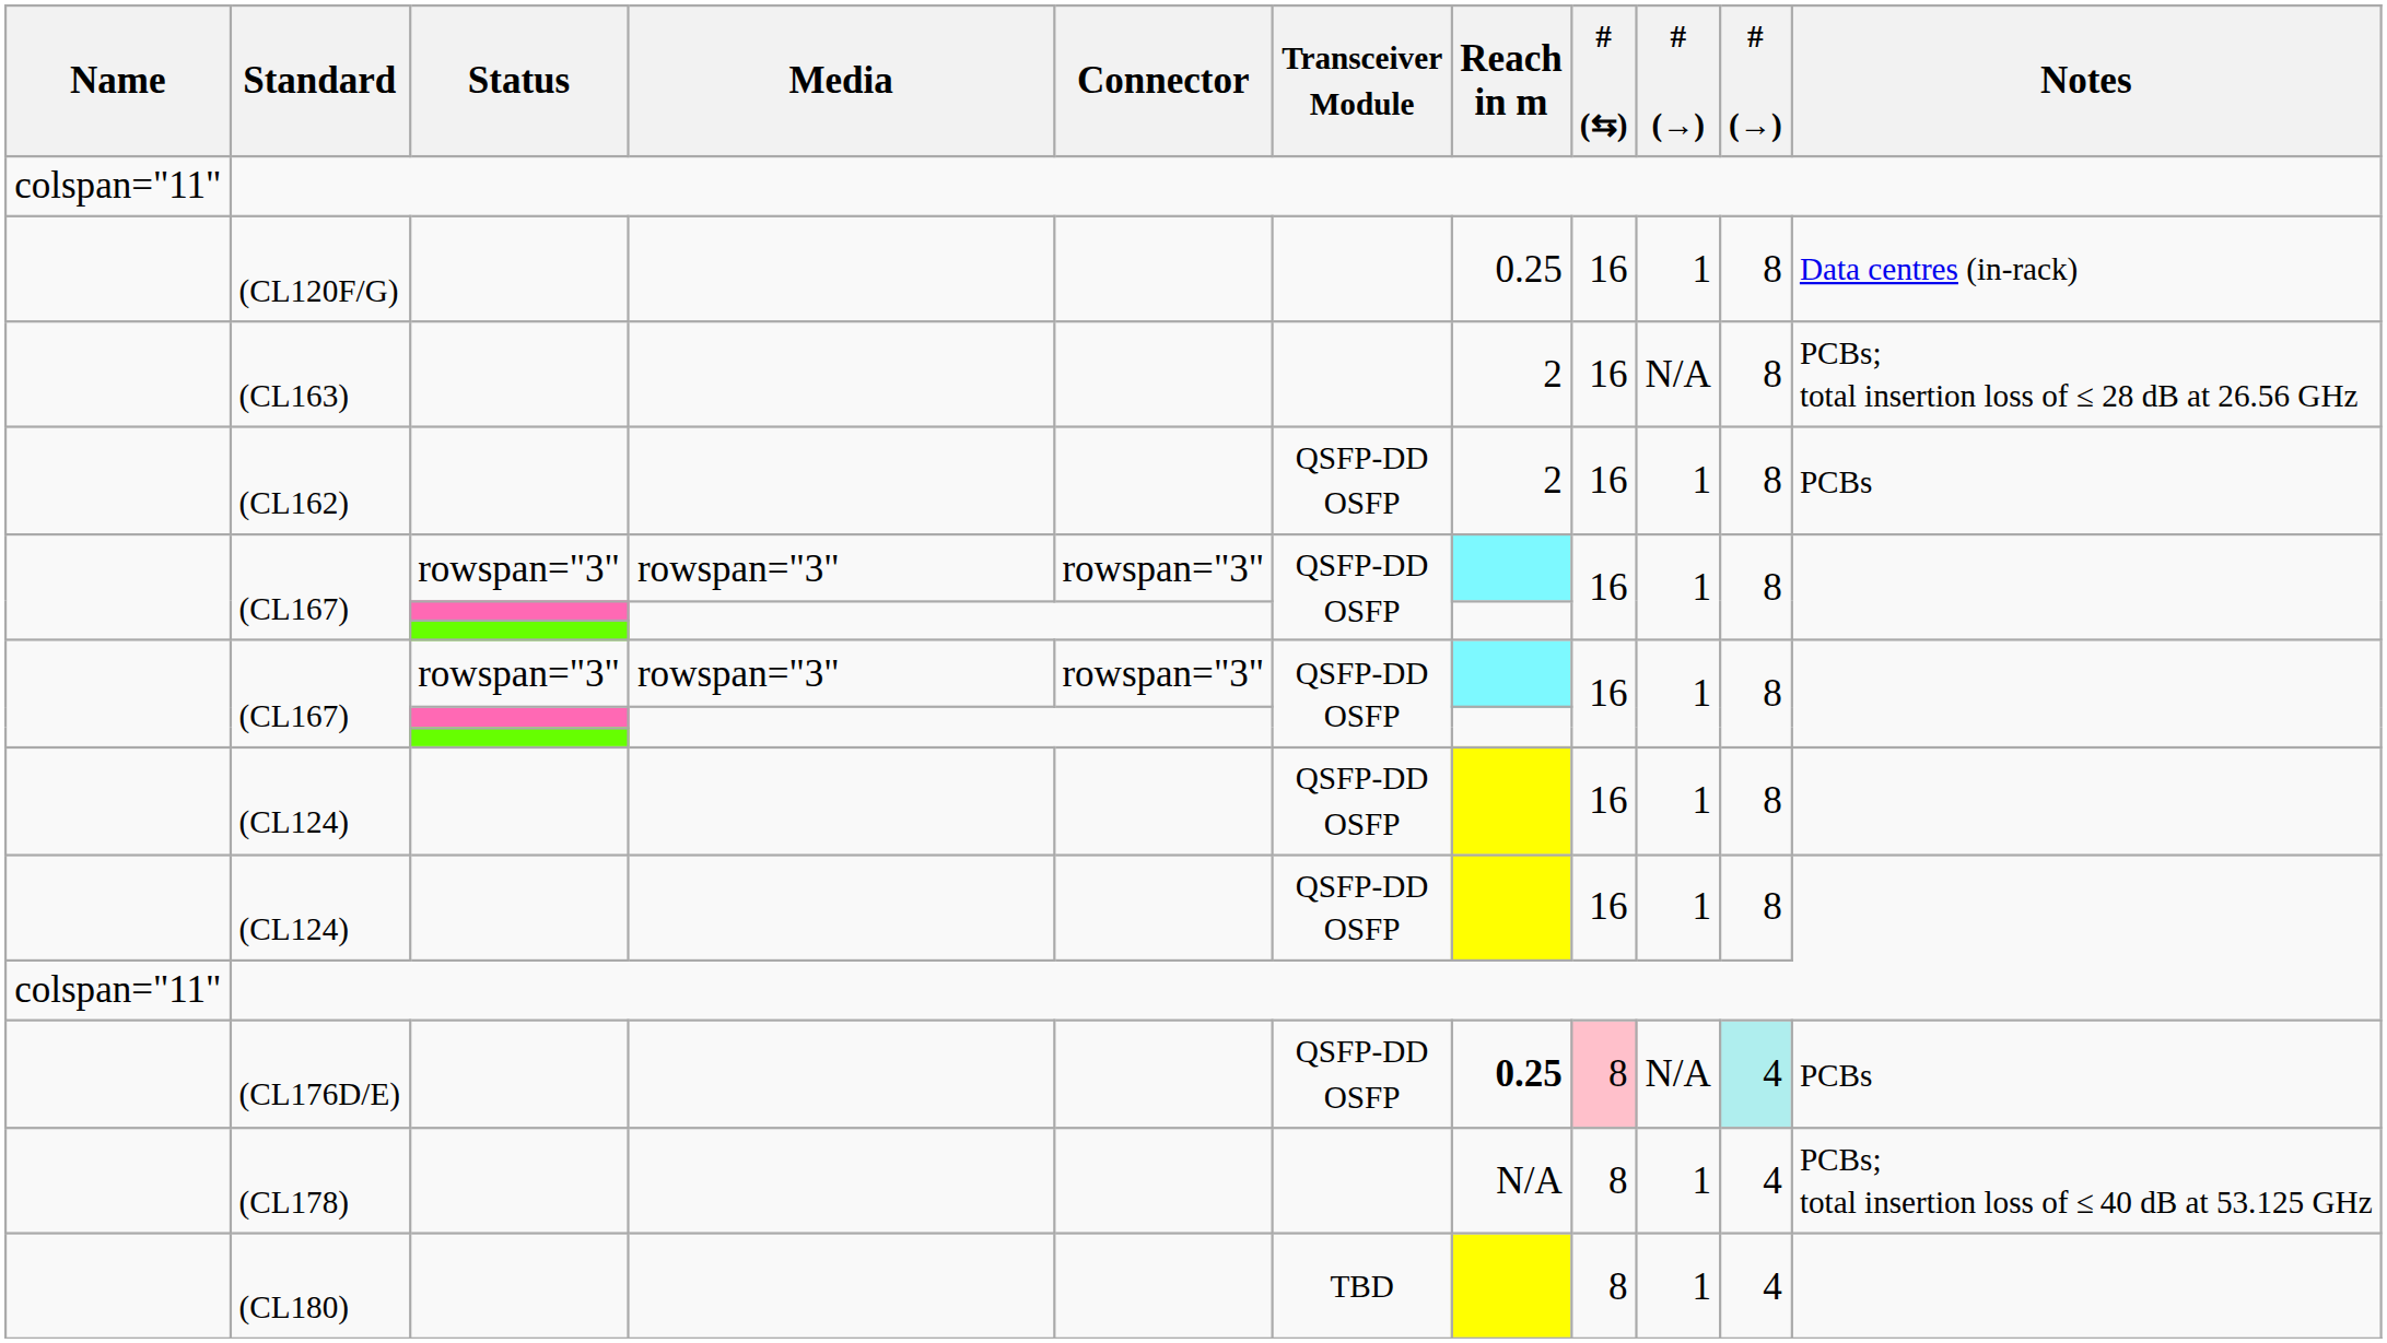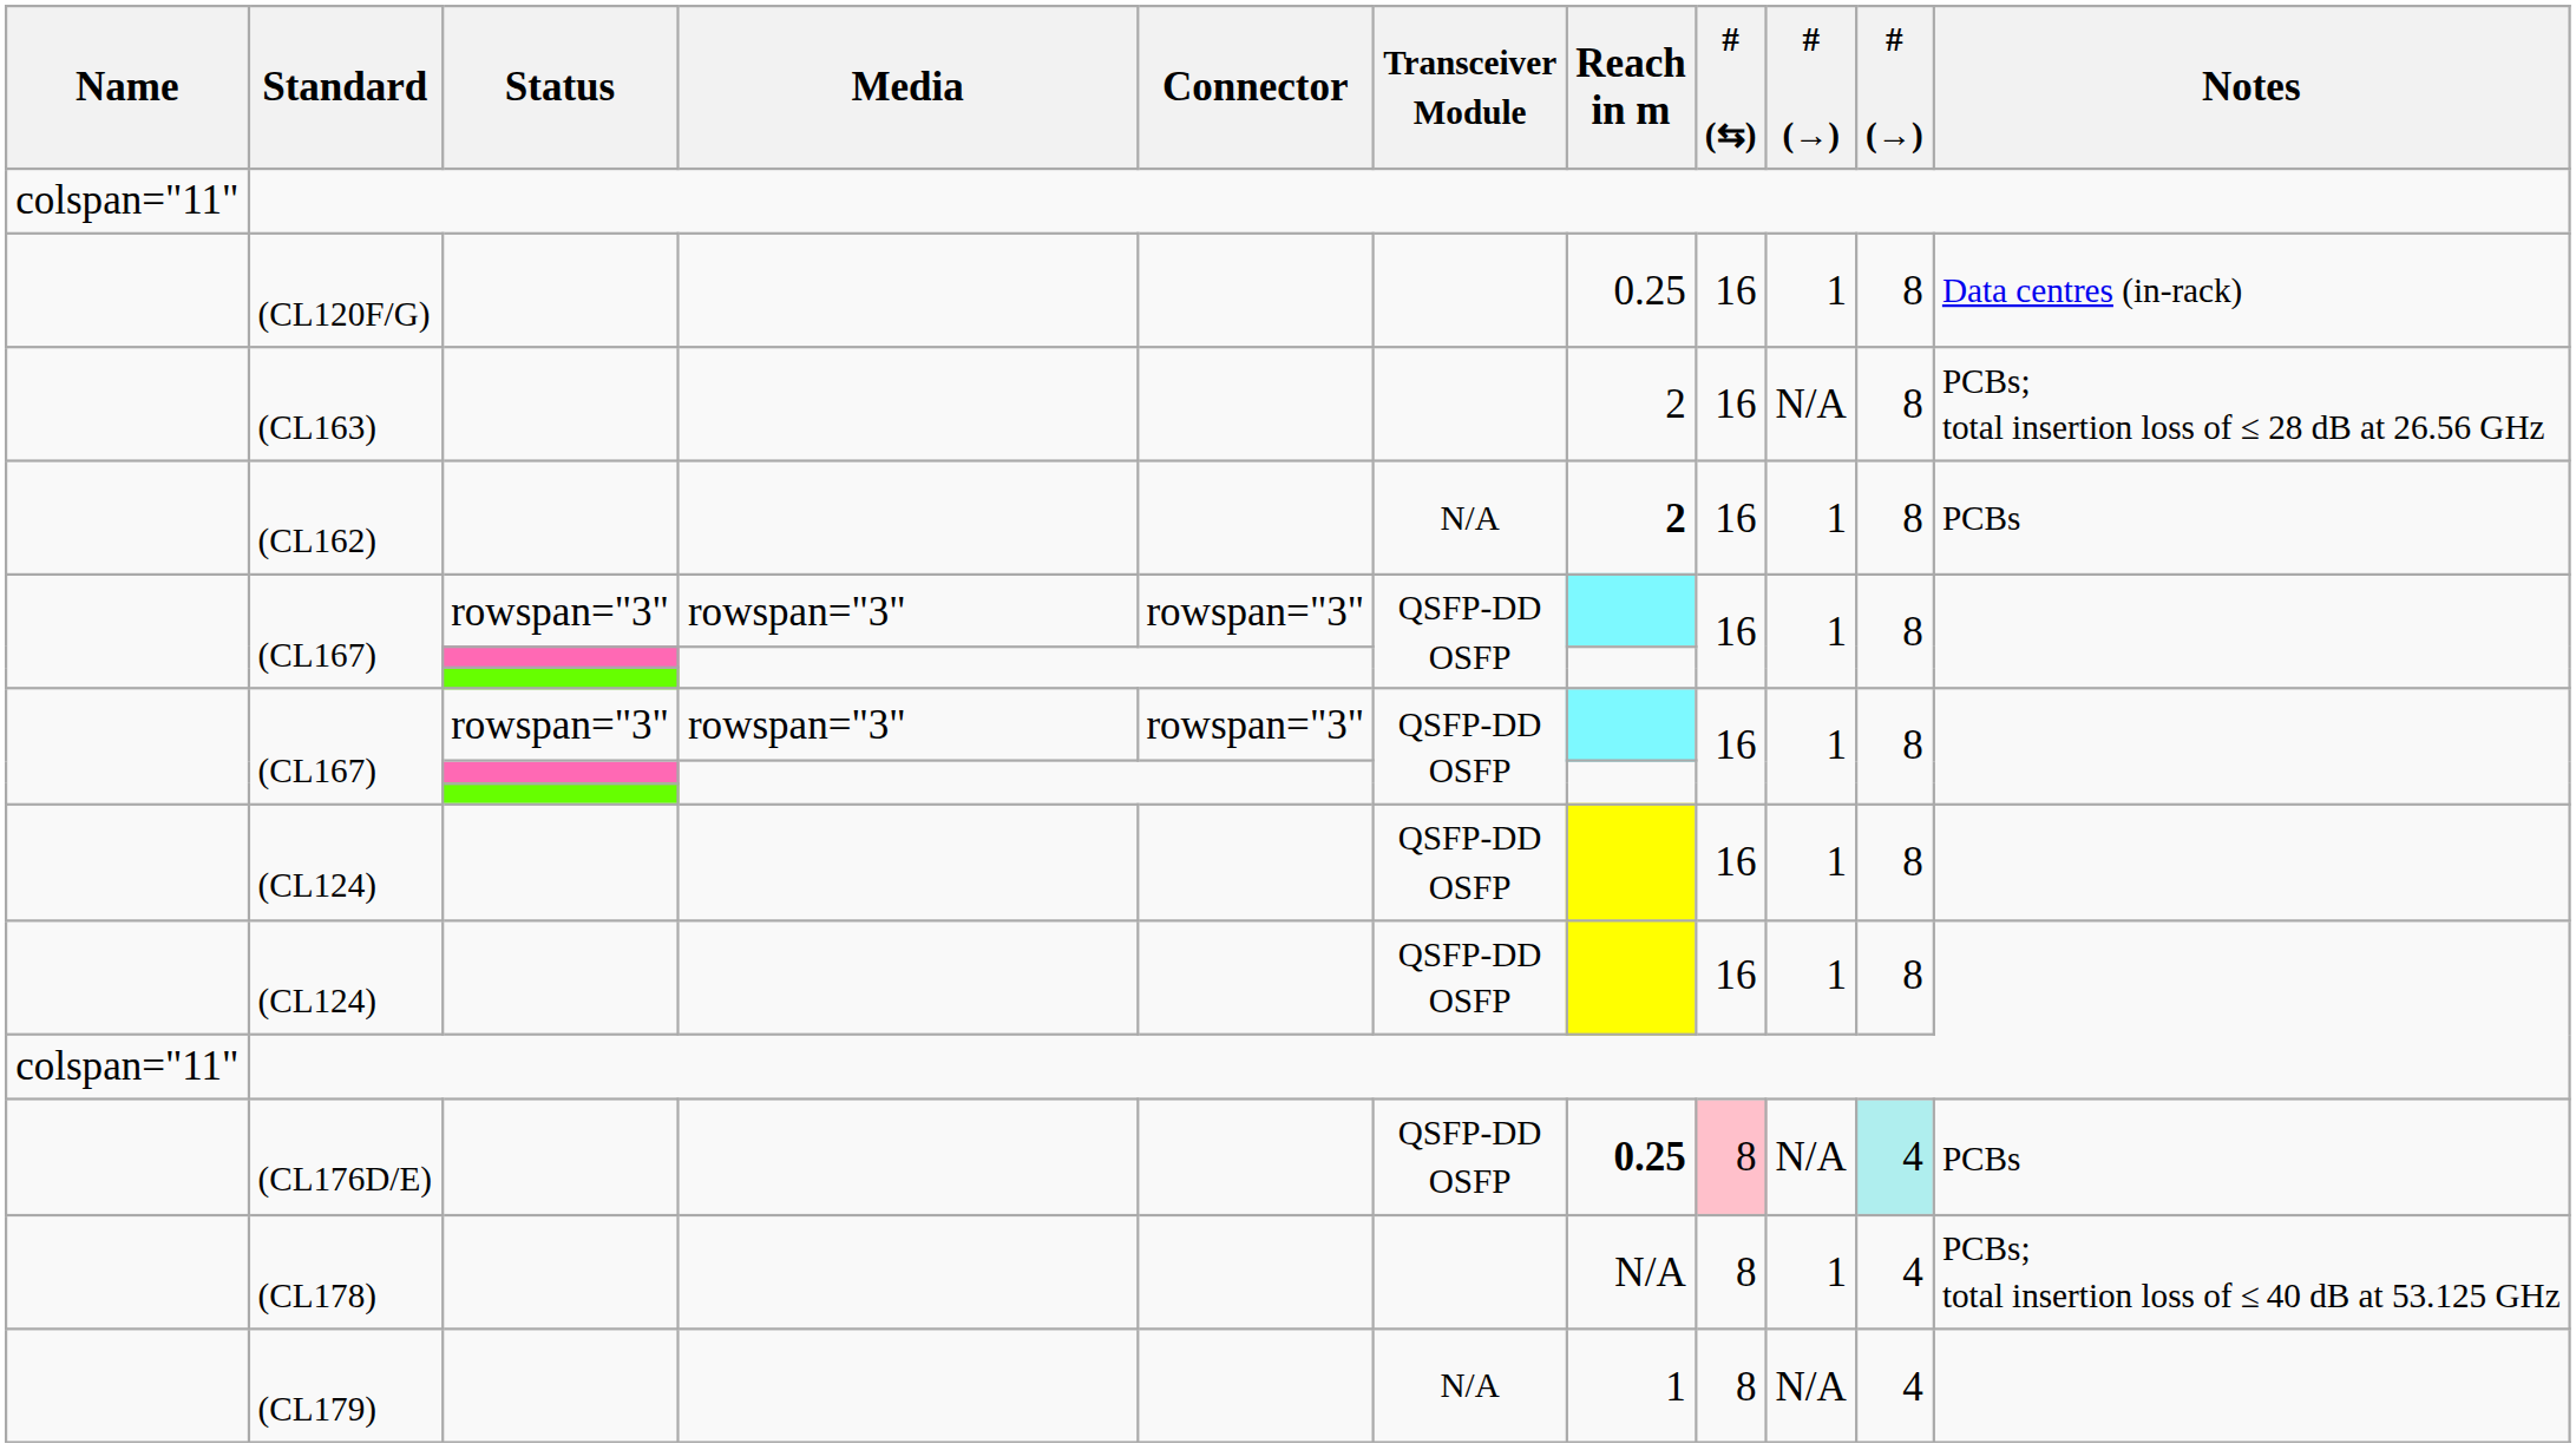 <table class="wikitable" style="line-height:110%;">
 <tr>
 <th>Name</th>
 <th>Standard</th>
 <th>Status</th>
 <th style="width: 170px;">Media</th>
 <th>Connector</th>
 <th><small>Transceiver<br>Module</small></th>
 <th>Reach<br>in m</th>
 <th><small>#<br><br>(⇆)</small></th>
 <th><small>#<br><br>(→)</small></th>
 <th><small>#<br><br>(→)</small></th>
 <th>Notes</th>
 </tr>
 <tr>
 <td>colspan="11"  </td>
 </tr>
 <tr>
 <td></td>
 <td><br><small>(CL120F/G)</small></td>
 <td></td>
 <td></td>
 <td></td>
 <td></td>
 <td style="text-align:right;">0.25</td>
 <td style="text-align:right;">16</td>
 <td style="text-align:right;">1</td>
 <td style="text-align:right;">8</td>
 <td><small><a href='#'>Data centres</a> (in-rack)</small></td>
 </tr>
 <tr>
 <td></td>
 <td><br><small>(CL163)</small></td>
 <td></td>
 <td></td>
 <td></td>
 <td></td>
 <td style="text-align:right;">2</td>
 <td style="text-align:right;">16</td>
 <td style="text-align:right;">N/A</td>
 <td style="text-align:right;">8</td>
 <td><small>PCBs;<br>total insertion loss of ≤ 28 dB at 26.56 GHz</small></td>
 </tr>
 <tr>
 <td></td>
 <td><br><small>(CL162)</small></td>
 <td></td>
 <td></td>
 <td></td>
-<td align="center"><small>QSFP-DD<br>OSFP</small></td>
-<td style="text-align:right;">2</td>
+<td align="center"><small>N/A</small></td>
+<td style="text-align:right;"><strong>2</strong></td>
 <td style="text-align:right;">16</td>
 <td style="text-align:right;">1</td>
 <td style="text-align:right;">8</td>
 <td><small>PCBs</small></td>
 </tr>
 <tr>
 <td rowspan="3"></td>
 <td rowspan="3"><br><small>(CL167)</small></td>
 <td>rowspan="3" </td>
 <td>rowspan="3" </td>
 <td>rowspan="3" </td>
 <td rowspan="3" align="center"><small>QSFP-DD<br>OSFP</small></td>
 <td style="background-color:#7DF9FF"></td>
 <td rowspan="3" align="right">16</td>
 <td rowspan="3" align="right">1</td>
 <td rowspan="3" align="right">8</td>
 <td rowspan="3"></td>
 </tr>
 <tr>
 <td style="background-color:#FF69B4"></td>
 </tr>
 <tr>
 <td style="background-color:#66FF00"></td>
 </tr>
 <tr>
 <td rowspan="3"></td>
 <td rowspan="3"><br><small>(CL167)</small></td>
 <td>rowspan="3" </td>
 <td>rowspan="3" </td>
 <td>rowspan="3" </td>
 <td rowspan="3" align="center"><small>QSFP-DD<br>OSFP</small></td>
 <td style="background-color:#7DF9FF"></td>
 <td rowspan="3" align="right">16</td>
 <td rowspan="3" align="right">1</td>
 <td rowspan="3" align="right">8</td>
 <td rowspan="3"></td>
 </tr>
 <tr>
 <td style="background-color:#FF69B4"></td>
 </tr>
 <tr>
 <td style="background-color:#66FF00"></td>
 </tr>
 <tr>
 <td></td>
 <td><br><small>(CL124)</small></td>
 <td></td>
 <td></td>
 <td></td>
 <td align="center"><small>QSFP-DD<br>OSFP</small></td>
 <td style="background-color:yellow"></td>
 <td style="text-align:right;">16</td>
 <td style="text-align:right;">1</td>
 <td style="text-align:right;">8</td>
 <td></td>
 </tr>
 <tr>
 <td></td>
 <td><br><small>(CL124)</small></td>
 <td></td>
 <td></td>
 <td></td>
 <td align="center"><small>QSFP-DD<br>OSFP</small></td>
 <td style="background-color:yellow"></td>
 <td style="text-align:right;">16</td>
 <td style="text-align:right;">1</td>
 <td style="text-align:right;">8</td>
 </tr>
 <tr>
 <td>colspan="11" </td>
 </tr>
 <tr>
 <td></td>
 <td><br><small>(CL176D/E)</small></td>
 <td></td>
 <td></td>
 <td></td>
 <td align="center"><small>QSFP-DD<br>OSFP</small></td>
 <td style="text-align:right;"><strong>0.25</strong></td>
 <td style="background: pink; text-align:right;">8</td>
 <td style="text-align:right;">N/A</td>
 <td style="background: paleturquoise; text-align:right;">4</td>
 <td><small>PCBs</small></td>
 </tr>
 <tr>
 <td></td>
 <td><br><small>(CL178)</small></td>
 <td></td>
 <td></td>
 <td></td>
 <td></td>
 <td style="text-align:right;">N/A</td>
 <td style="text-align:right;">8</td>
 <td style="text-align:right;">1</td>
 <td style="text-align:right;">4</td>
 <td><small>PCBs;<br>total insertion loss of ≤ 40 dB at 53.125 GHz</small></td>
 </tr>
 <tr>
 <td></td>
-<td><br><small>(CL180)</small></td>
+<td><br><small>(CL179)</small></td>
 <td></td>
 <td></td>
 <td></td>
-<td align="center"><small>TBD</small></td>
-<td style="background-color:#FFFF00"></td>
+<td align="center"><small>N/A</small></td>
+<td style="text-align:right;">1</td>
 <td style="text-align:right;">8</td>
-<td style="text-align:right;">1</td>
+<td style="text-align:right;">N/A</td>
 <td style="text-align:right;">4</td>
-<td style="text-align:right;"></td>
+<td></td>
 </tr>
 <tr>
 </tr>
 </table>
